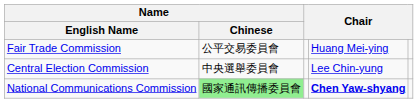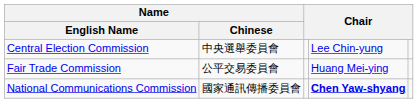 <table class="wikitable sortable">
 <tr>
 <th colspan="2">Name</th>
 <th colspan="3" rowspan="2">Chair</th>
 </tr>
 <tr>
 <th>English Name</th>
 <th>Chinese</th>
 </tr>
 <tr>
+<td><a href='#'>Central Election Commission</a></td>
+<td>中央選舉委員會</td>
+<td style="background:"></td>
+<td><a href='#'>Lee Chin-yung</a></td>
+<td></td>
+</tr>
+<tr>
 <td><a href='#'>Fair Trade Commission</a></td>
 <td>公平交易委員會</td>
 <td style="background:"></td>
 <td><a href='#'>Huang Mei-ying</a></td>
 <td></td>
 </tr>
 <tr>
-<td><a href='#'>Central Election Commission</a></td>
-<td>中央選舉委員會</td>
-<td style="background:"></td>
-<td><a href='#'>Lee Chin-yung</a></td>
-<td></td>
-</tr>
-<tr>
 <td><a href='#'>National Communications Commission</a></td>
-<td style="background: lightgreen;">國家通訊傳播委員會</td>
+<td>國家通訊傳播委員會</td>
 <td style="background:"></td>
 <td><strong><a href='#'>Chen Yaw-shyang</a></strong></td>
 <td></td>
 </tr>
 </table>
